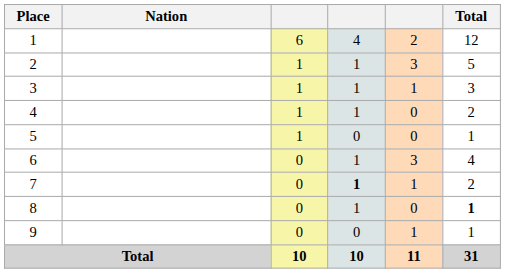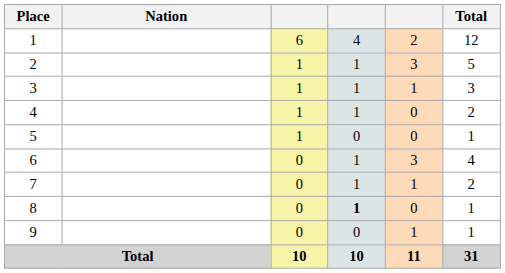 <table class=wikitable style="border:1px solid #AAAAAA;font-size:90%">
 <tr bgcolor="#EFEFEF">
 <th width=50>Place</th>
 <th width=200>Nation</th>
 <th width=50></th>
 <th width=50></th>
 <th width=50></th>
 <th width=50>Total</th>
 </tr>
 <tr align="center" valign="top" bgcolor="#FFFFFF">
 <td>1</td>
 <td align="left"></td>
 <td style="background:#F7F6A8;">6</td>
 <td style="background:#DCE5E5;">4</td>
 <td style="background:#FFDAB9;">2</td>
 <td>12</td>
 </tr>
 <tr align="center" valign="top" bgcolor="#FFFFFF">
 <td>2</td>
 <td align="left"></td>
 <td style="background:#F7F6A8;">1</td>
 <td style="background:#DCE5E5;">1</td>
 <td style="background:#FFDAB9;">3</td>
 <td>5</td>
 </tr>
 <tr align="center" valign="top" bgcolor="#FFFFFF">
 <td>3</td>
 <td align="left"></td>
 <td style="background:#F7F6A8;">1</td>
 <td style="background:#DCE5E5;">1</td>
 <td style="background:#FFDAB9;">1</td>
 <td>3</td>
 </tr>
 <tr align="center" valign="top" bgcolor="#FFFFFF">
 <td>4</td>
 <td align="left"></td>
 <td style="background:#F7F6A8;">1</td>
 <td style="background:#DCE5E5;">1</td>
 <td style="background:#FFDAB9;">0</td>
 <td>2</td>
 </tr>
 <tr align="center" valign="top" bgcolor="#FFFFFF">
 <td>5</td>
 <td align="left"></td>
 <td style="background:#F7F6A8;">1</td>
 <td style="background:#DCE5E5;">0</td>
 <td style="background:#FFDAB9;">0</td>
 <td>1</td>
 </tr>
 <tr align="center" valign="top" bgcolor="#FFFFFF">
 <td>6</td>
 <td align="left"></td>
 <td style="background:#F7F6A8;">0</td>
 <td style="background:#DCE5E5;">1</td>
 <td style="background:#FFDAB9;">3</td>
 <td>4</td>
 </tr>
 <tr align="center" valign="top" bgcolor="#FFFFFF">
 <td>7</td>
 <td align="left"></td>
 <td style="background:#F7F6A8;">0</td>
-<td style="background:#DCE5E5;"><strong>1</strong></td>
+<td style="background:#DCE5E5;">1</td>
 <td style="background:#FFDAB9;">1</td>
 <td>2</td>
 </tr>
 <tr align="center" valign="top" bgcolor="#FFFFFF">
 <td>8</td>
 <td align="left"></td>
 <td style="background:#F7F6A8;">0</td>
-<td style="background:#DCE5E5;">1</td>
+<td style="background:#DCE5E5;"><strong>1</strong></td>
 <td style="background:#FFDAB9;">0</td>
-<td><strong>1</strong></td>
+<td>1</td>
 </tr>
 <tr align="center" valign="top" bgcolor="#FFFFFF">
 <td>9</td>
 <td align="left"></td>
 <td style="background:#F7F6A8;">0</td>
 <td style="background:#DCE5E5;">0</td>
 <td style="background:#FFDAB9;">1</td>
 <td>1</td>
 </tr>
 <tr align="center">
 <td colspan="2" bgcolor=D3D3D3><strong>Total</strong></td>
 <td style="background:#F7F6A8;"><strong>10</strong></td>
 <td style="background:#DCE5E5;"><strong>10</strong></td>
 <td style="background:#FFDAB9;"><strong>11</strong></td>
 <td bgcolor=D3D3D3><strong>31</strong></td>
 </tr>
 </table>
